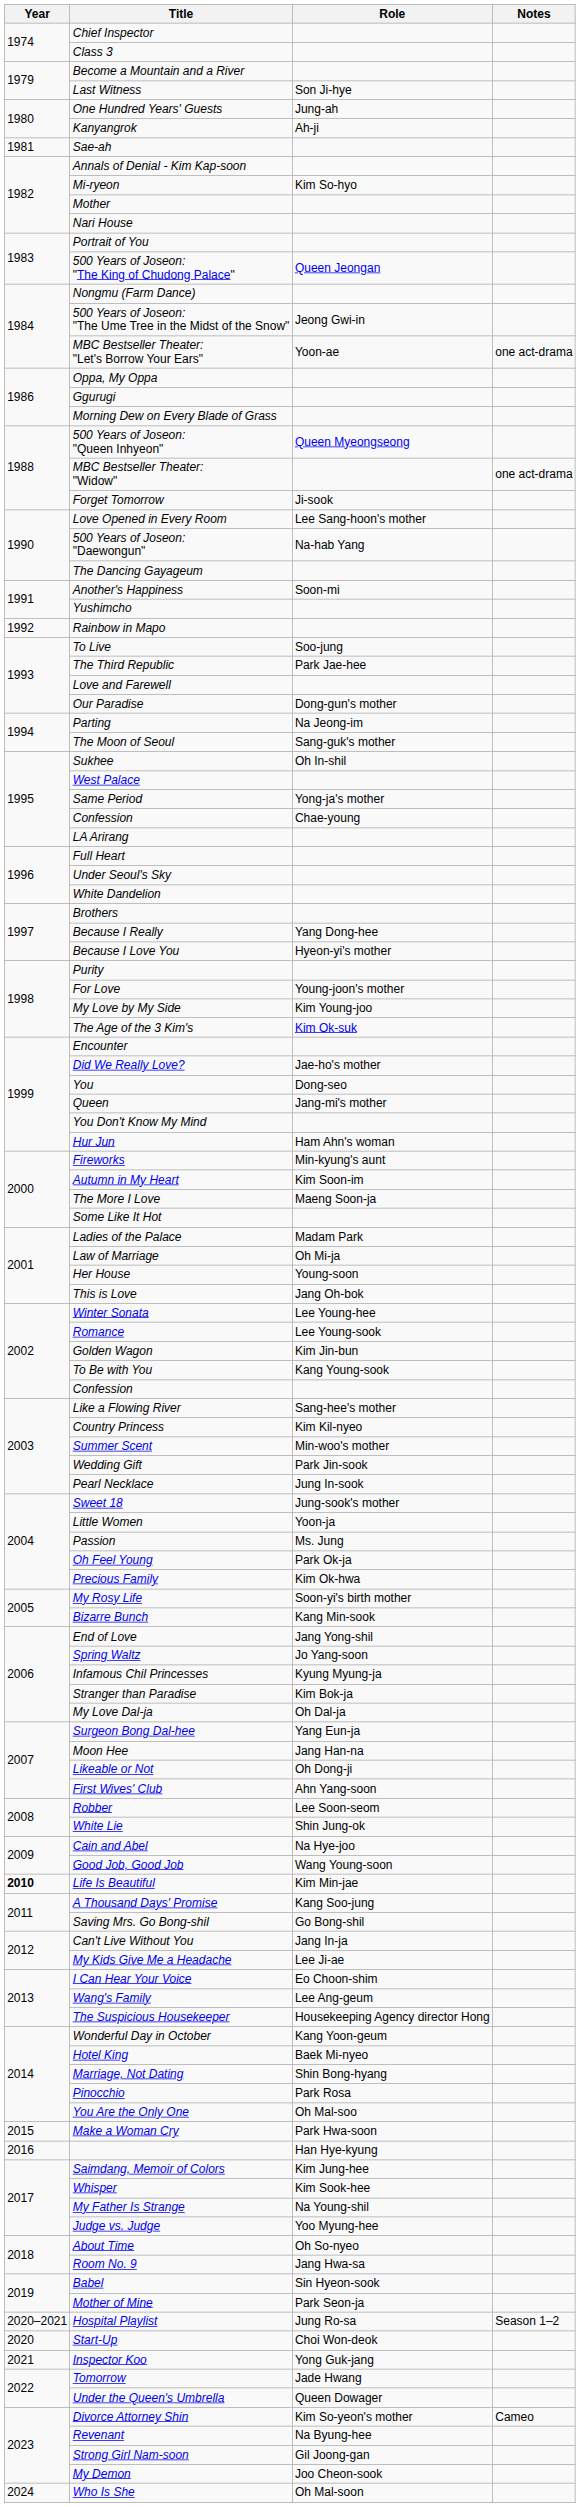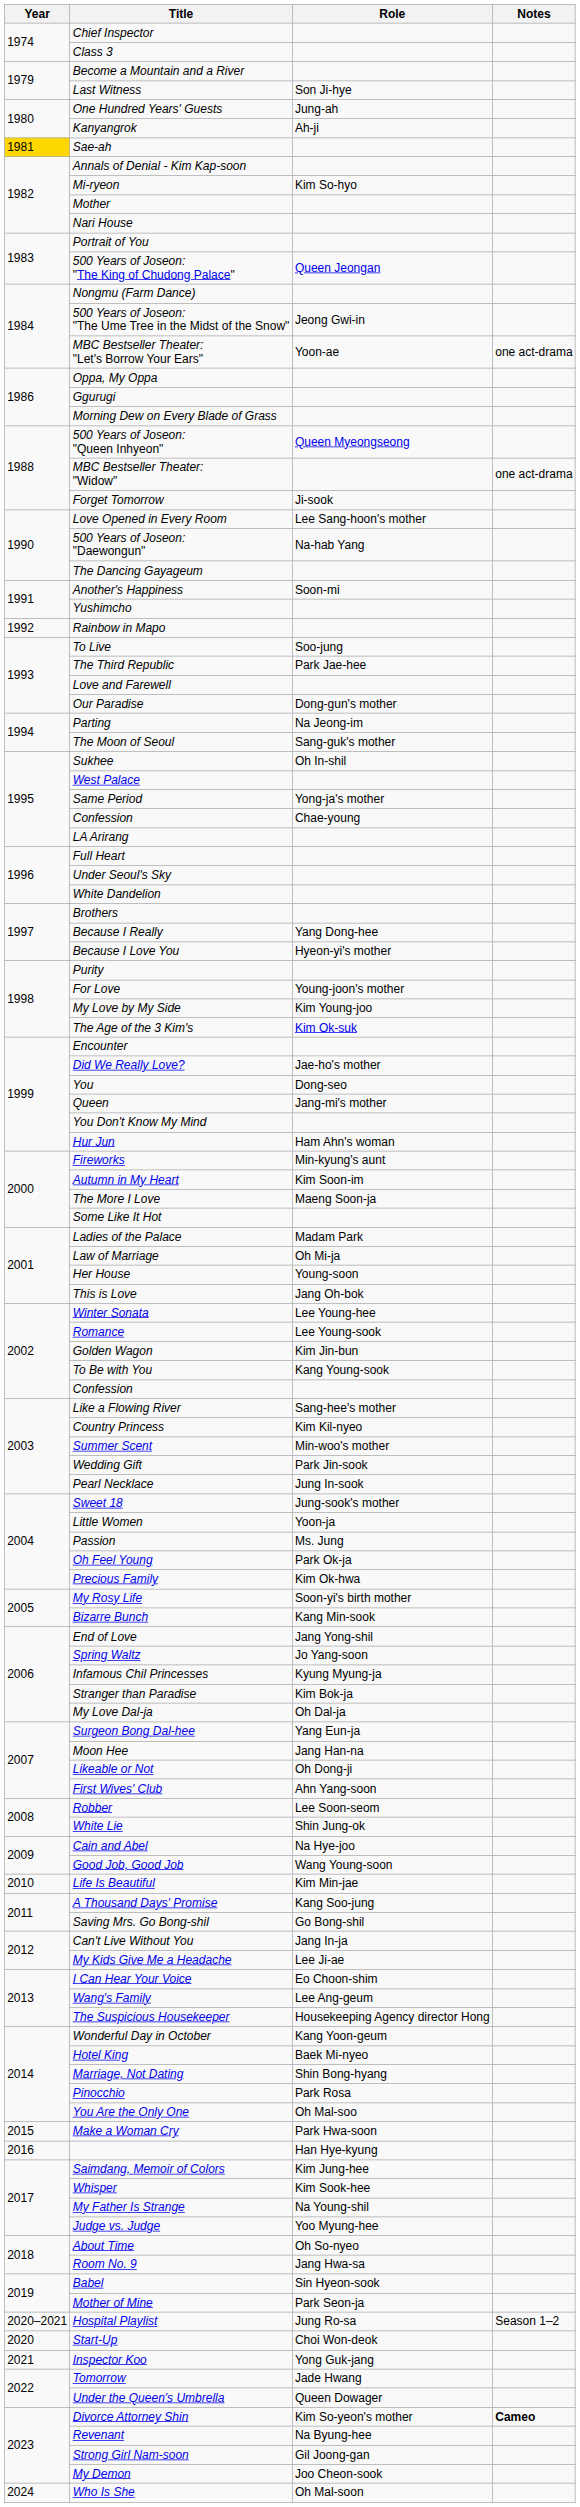 <table class="wikitable sortable">
 <tr>
 <th>Year</th>
 <th>Title</th>
 <th>Role</th>
 <th>Notes</th>
 </tr>
 <tr>
 <td rowspan=2>1974</td>
 <td><em>Chief Inspector</em></td>
 <td></td>
 <td></td>
 </tr>
 <tr>
 <td><em>Class 3</em></td>
 <td></td>
 <td></td>
 </tr>
 <tr>
 <td rowspan=2>1979</td>
 <td><em>Become a Mountain and a River</em></td>
 <td></td>
 <td></td>
 </tr>
 <tr>
 <td><em>Last Witness</em></td>
 <td>Son Ji-hye</td>
 <td></td>
 </tr>
 <tr>
 <td rowspan=2>1980</td>
 <td><em>One Hundred Years' Guests</em></td>
 <td>Jung-ah</td>
 <td></td>
 </tr>
 <tr>
 <td><em>Kanyangrok</em></td>
 <td>Ah-ji</td>
 <td></td>
 </tr>
 <tr>
-<td>1981</td>
+<td style="background: gold;">1981</td>
 <td><em>Sae-ah</em></td>
 <td></td>
 <td></td>
 </tr>
 <tr>
 <td rowspan=4>1982</td>
 <td><em>Annals of Denial - Kim Kap-soon</em></td>
 <td></td>
 <td></td>
 </tr>
 <tr>
 <td><em>Mi-ryeon</em></td>
 <td>Kim So-hyo</td>
 <td></td>
 </tr>
 <tr>
 <td><em>Mother</em></td>
 <td></td>
 <td></td>
 </tr>
 <tr>
 <td><em>Nari House</em></td>
 <td></td>
 <td></td>
 </tr>
 <tr>
 <td rowspan=2>1983</td>
 <td><em>Portrait of You</em></td>
 <td></td>
 <td></td>
 </tr>
 <tr>
 <td><em>500 Years of Joseon:</em><br>"<a href='#'>The King of Chudong Palace</a>"</td>
 <td><a href='#'>Queen Jeongan</a></td>
 <td></td>
 </tr>
 <tr>
 <td rowspan=3>1984</td>
 <td><em>Nongmu (Farm Dance)</em></td>
 <td></td>
 <td></td>
 </tr>
 <tr>
 <td><em>500 Years of Joseon:</em><br>"The Ume Tree in the Midst of the Snow"</td>
 <td>Jeong Gwi-in</td>
 <td></td>
 </tr>
 <tr>
 <td><em>MBC Bestseller Theater:</em><br>"Let's Borrow Your Ears"</td>
 <td>Yoon-ae</td>
 <td>one act-drama</td>
 </tr>
 <tr>
 <td rowspan=3>1986</td>
 <td><em>Oppa, My Oppa</em> </td>
 <td></td>
 <td></td>
 </tr>
 <tr>
 <td><em>Ggurugi</em></td>
 <td></td>
 <td></td>
 </tr>
 <tr>
 <td><em>Morning Dew on Every Blade of Grass</em></td>
 <td></td>
 <td></td>
 </tr>
 <tr>
 <td rowspan=3>1988</td>
 <td><em>500 Years of Joseon:</em><br>"Queen Inhyeon"</td>
 <td><a href='#'>Queen Myeongseong</a></td>
 <td></td>
 </tr>
 <tr>
 <td><em>MBC Bestseller Theater:</em><br>"Widow"</td>
 <td></td>
 <td>one act-drama</td>
 </tr>
 <tr>
 <td><em>Forget Tomorrow</em></td>
 <td>Ji-sook</td>
 <td></td>
 </tr>
 <tr>
 <td rowspan=3>1990</td>
 <td><em>Love Opened in Every Room</em></td>
 <td>Lee Sang-hoon's mother</td>
 <td></td>
 </tr>
 <tr>
 <td><em>500 Years of Joseon:</em><br>"Daewongun"</td>
 <td>Na-hab Yang</td>
 <td></td>
 </tr>
 <tr>
 <td><em>The Dancing Gayageum</em></td>
 <td></td>
 <td></td>
 </tr>
 <tr>
 <td rowspan=2>1991</td>
 <td><em>Another's Happiness</em></td>
 <td>Soon-mi</td>
 <td></td>
 </tr>
 <tr>
 <td><em>Yushimcho</em></td>
 <td></td>
 <td></td>
 </tr>
 <tr>
 <td>1992</td>
 <td><em>Rainbow in Mapo</em></td>
 <td></td>
 <td></td>
 </tr>
 <tr>
 <td rowspan=4>1993</td>
 <td><em>To Live</em></td>
 <td>Soo-jung</td>
 <td></td>
 </tr>
 <tr>
 <td><em>The Third Republic</em></td>
 <td>Park Jae-hee</td>
 <td></td>
 </tr>
 <tr>
 <td><em>Love and Farewell</em></td>
 <td></td>
 <td></td>
 </tr>
 <tr>
 <td><em>Our Paradise</em></td>
 <td>Dong-gun's mother</td>
 <td></td>
 </tr>
 <tr>
 <td rowspan=2>1994</td>
 <td><em>Parting</em></td>
 <td>Na Jeong-im</td>
 <td></td>
 </tr>
 <tr>
 <td><em>The Moon of Seoul</em></td>
 <td>Sang-guk's mother</td>
 <td></td>
 </tr>
 <tr>
 <td rowspan=5>1995</td>
 <td><em>Sukhee</em></td>
 <td>Oh In-shil</td>
 <td></td>
 </tr>
 <tr>
 <td><em><a href='#'>West Palace</a></em></td>
 <td></td>
 <td></td>
 </tr>
 <tr>
 <td><em>Same Period</em> </td>
 <td>Yong-ja's mother</td>
 <td></td>
 </tr>
 <tr>
 <td><em>Confession</em></td>
 <td>Chae-young</td>
 <td></td>
 </tr>
 <tr>
 <td><em>LA Arirang</em></td>
 <td></td>
 <td></td>
 </tr>
 <tr>
 <td rowspan=3>1996</td>
 <td><em>Full Heart</em></td>
 <td></td>
 <td></td>
 </tr>
 <tr>
 <td><em>Under Seoul's Sky</em></td>
 <td></td>
 <td></td>
 </tr>
 <tr>
 <td><em>White Dandelion</em></td>
 <td></td>
 <td></td>
 </tr>
 <tr>
 <td rowspan=3>1997</td>
 <td><em>Brothers</em></td>
 <td></td>
 <td></td>
 </tr>
 <tr>
 <td><em>Because I Really</em></td>
 <td>Yang Dong-hee</td>
 <td></td>
 </tr>
 <tr>
 <td><em>Because I Love You</em></td>
 <td>Hyeon-yi's mother</td>
 <td></td>
 </tr>
 <tr>
 <td rowspan=4>1998</td>
 <td><em>Purity</em></td>
 <td></td>
 <td></td>
 </tr>
 <tr>
 <td><em>For Love</em></td>
 <td>Young-joon's mother</td>
 <td></td>
 </tr>
 <tr>
 <td><em>My Love by My Side</em></td>
 <td>Kim Young-joo</td>
 <td></td>
 </tr>
 <tr>
 <td><em>The Age of the 3 Kim's</em></td>
 <td><a href='#'>Kim Ok-suk</a></td>
 <td></td>
 </tr>
 <tr>
 <td rowspan=6>1999</td>
 <td><em>Encounter</em></td>
 <td></td>
 <td></td>
 </tr>
 <tr>
 <td><em><a href='#'>Did We Really Love?</a></em></td>
 <td>Jae-ho's mother</td>
 <td></td>
 </tr>
 <tr>
 <td><em>You</em></td>
 <td>Dong-seo</td>
 <td></td>
 </tr>
 <tr>
 <td><em>Queen</em></td>
 <td>Jang-mi's mother</td>
 <td></td>
 </tr>
 <tr>
 <td><em>You Don't Know My Mind</em></td>
 <td></td>
 <td></td>
 </tr>
 <tr>
 <td><em><a href='#'>Hur Jun</a></em></td>
 <td>Ham Ahn's woman</td>
 <td></td>
 </tr>
 <tr>
 <td rowspan=4>2000</td>
 <td><em><a href='#'>Fireworks</a></em></td>
 <td>Min-kyung's aunt</td>
 <td></td>
 </tr>
 <tr>
 <td><em><a href='#'>Autumn in My Heart</a></em></td>
 <td>Kim Soon-im</td>
 <td></td>
 </tr>
 <tr>
 <td><em>The More I Love</em></td>
 <td>Maeng Soon-ja</td>
 <td></td>
 </tr>
 <tr>
 <td><em>Some Like It Hot</em></td>
 <td></td>
 <td></td>
 </tr>
 <tr>
 <td rowspan=4>2001</td>
 <td><em>Ladies of the Palace</em></td>
 <td>Madam Park</td>
 <td></td>
 </tr>
 <tr>
 <td><em>Law of Marriage</em></td>
 <td>Oh Mi-ja</td>
 <td></td>
 </tr>
 <tr>
 <td><em>Her House</em></td>
 <td>Young-soon</td>
 <td></td>
 </tr>
 <tr>
 <td><em>This is Love</em></td>
 <td>Jang Oh-bok</td>
 <td></td>
 </tr>
 <tr>
 <td rowspan=5>2002</td>
 <td><em><a href='#'>Winter Sonata</a></em></td>
 <td>Lee Young-hee</td>
 <td></td>
 </tr>
 <tr>
 <td><em><a href='#'>Romance</a></em></td>
 <td>Lee Young-sook</td>
 <td></td>
 </tr>
 <tr>
 <td><em>Golden Wagon</em></td>
 <td>Kim Jin-bun</td>
 <td></td>
 </tr>
 <tr>
 <td><em>To Be with You</em></td>
 <td>Kang Young-sook</td>
 <td></td>
 </tr>
 <tr>
 <td><em>Confession</em></td>
 <td></td>
 <td></td>
 </tr>
 <tr>
 <td rowspan=5>2003</td>
 <td><em>Like a Flowing River</em></td>
 <td>Sang-hee's mother</td>
 <td></td>
 </tr>
 <tr>
 <td><em>Country Princess</em></td>
 <td>Kim Kil-nyeo</td>
 <td></td>
 </tr>
 <tr>
 <td><em><a href='#'>Summer Scent</a></em></td>
 <td>Min-woo's mother</td>
 <td></td>
 </tr>
 <tr>
 <td><em>Wedding Gift</em></td>
 <td>Park Jin-sook</td>
 <td></td>
 </tr>
 <tr>
 <td><em>Pearl Necklace</em></td>
 <td>Jung In-sook</td>
 <td></td>
 </tr>
 <tr>
 <td rowspan=5>2004</td>
 <td><em><a href='#'>Sweet 18</a></em></td>
 <td>Jung-sook's mother</td>
 <td></td>
 </tr>
 <tr>
 <td><em>Little Women</em></td>
 <td>Yoon-ja</td>
 <td></td>
 </tr>
 <tr>
 <td><em>Passion</em></td>
 <td>Ms. Jung</td>
 <td></td>
 </tr>
 <tr>
 <td><em><a href='#'>Oh Feel Young</a></em></td>
 <td>Park Ok-ja</td>
 <td></td>
 </tr>
 <tr>
 <td><em><a href='#'>Precious Family</a></em></td>
 <td>Kim Ok-hwa</td>
 <td></td>
 </tr>
 <tr>
 <td rowspan=2>2005</td>
 <td><em><a href='#'>My Rosy Life</a></em></td>
 <td>Soon-yi's birth mother</td>
 <td></td>
 </tr>
 <tr>
 <td><em><a href='#'>Bizarre Bunch</a></em></td>
 <td>Kang Min-sook</td>
 <td></td>
 </tr>
 <tr>
 <td rowspan=5>2006</td>
 <td><em>End of Love</em></td>
 <td>Jang Yong-shil</td>
 <td></td>
 </tr>
 <tr>
 <td><em><a href='#'>Spring Waltz</a></em></td>
 <td>Jo Yang-soon</td>
 <td></td>
 </tr>
 <tr>
 <td><em>Infamous Chil Princesses</em></td>
 <td>Kyung Myung-ja</td>
 <td></td>
 </tr>
 <tr>
 <td><em>Stranger than Paradise</em></td>
 <td>Kim Bok-ja</td>
 <td></td>
 </tr>
 <tr>
 <td><em>My Love Dal-ja</em></td>
 <td>Oh Dal-ja</td>
 <td></td>
 </tr>
 <tr>
 <td rowspan=4>2007</td>
 <td><em><a href='#'>Surgeon Bong Dal-hee</a></em></td>
 <td>Yang Eun-ja</td>
 <td></td>
 </tr>
 <tr>
 <td><em>Moon Hee</em></td>
 <td>Jang Han-na</td>
 <td></td>
 </tr>
 <tr>
 <td><em><a href='#'>Likeable or Not</a></em></td>
 <td>Oh Dong-ji</td>
 <td></td>
 </tr>
 <tr>
 <td><em><a href='#'>First Wives' Club</a></em></td>
 <td>Ahn Yang-soon</td>
 <td></td>
 </tr>
 <tr>
 <td rowspan=2>2008</td>
 <td><em><a href='#'>Robber</a></em></td>
 <td>Lee Soon-seom</td>
 <td></td>
 </tr>
 <tr>
 <td><em><a href='#'>White Lie</a></em></td>
 <td>Shin Jung-ok</td>
 <td></td>
 </tr>
 <tr>
 <td rowspan=2>2009</td>
 <td><em><a href='#'>Cain and Abel</a></em></td>
 <td>Na Hye-joo</td>
 <td></td>
 </tr>
 <tr>
 <td><em><a href='#'>Good Job, Good Job</a></em></td>
 <td>Wang Young-soon</td>
 <td></td>
 </tr>
 <tr>
-<td><strong>2010</strong></td>
+<td>2010</td>
 <td><em><a href='#'>Life Is Beautiful</a></em></td>
 <td>Kim Min-jae</td>
 <td></td>
 </tr>
 <tr>
 <td rowspan=2>2011</td>
 <td><em><a href='#'>A Thousand Days' Promise</a></em></td>
 <td>Kang Soo-jung</td>
 <td></td>
 </tr>
 <tr>
 <td><em>Saving Mrs. Go Bong-shil</em></td>
 <td>Go Bong-shil</td>
 <td></td>
 </tr>
 <tr>
 <td rowspan=2>2012</td>
 <td><em>Can't Live Without You</em></td>
 <td>Jang In-ja</td>
 <td></td>
 </tr>
 <tr>
 <td><em><a href='#'>My Kids Give Me a Headache</a></em></td>
 <td>Lee Ji-ae</td>
 <td></td>
 </tr>
 <tr>
 <td rowspan=3>2013</td>
 <td><em><a href='#'>I Can Hear Your Voice</a></em></td>
 <td>Eo Choon-shim</td>
 <td></td>
 </tr>
 <tr>
 <td><em><a href='#'>Wang's Family</a></em></td>
 <td>Lee Ang-geum</td>
 <td></td>
 </tr>
 <tr>
 <td><em><a href='#'>The Suspicious Housekeeper</a></em></td>
 <td>Housekeeping Agency director Hong</td>
 <td></td>
 </tr>
 <tr>
 <td rowspan=5>2014</td>
 <td><em>Wonderful Day in October</em></td>
 <td>Kang Yoon-geum</td>
 <td></td>
 </tr>
 <tr>
 <td><em><a href='#'>Hotel King</a></em></td>
 <td>Baek Mi-nyeo</td>
 <td></td>
 </tr>
 <tr>
 <td><em><a href='#'>Marriage, Not Dating</a></em></td>
 <td>Shin Bong-hyang</td>
 <td></td>
 </tr>
 <tr>
 <td><em><a href='#'>Pinocchio</a></em></td>
 <td>Park Rosa</td>
 <td></td>
 </tr>
 <tr>
 <td><em><a href='#'>You Are the Only One</a></em></td>
 <td>Oh Mal-soo</td>
 <td></td>
 </tr>
 <tr>
 <td rowspan=1>2015</td>
 <td><em><a href='#'>Make a Woman Cry</a></em></td>
 <td>Park Hwa-soon</td>
 <td></td>
 </tr>
 <tr>
 <td>2016</td>
 <td><em></em></td>
 <td>Han Hye-kyung</td>
 <td></td>
 </tr>
 <tr>
 <td rowspan="4">2017</td>
 <td><em><a href='#'>Saimdang, Memoir of Colors</a></em></td>
 <td>Kim Jung-hee</td>
 <td></td>
 </tr>
 <tr>
 <td><em><a href='#'>Whisper</a></em></td>
 <td>Kim Sook-hee</td>
 <td></td>
 </tr>
 <tr>
 <td><em><a href='#'>My Father Is Strange</a></em></td>
 <td>Na Young-shil</td>
 <td></td>
 </tr>
 <tr>
 <td><em><a href='#'>Judge vs. Judge</a></em></td>
 <td>Yoo Myung-hee</td>
 <td></td>
 </tr>
 <tr>
 <td rowspan=2>2018</td>
 <td><em><a href='#'>About Time</a></em></td>
 <td>Oh So-nyeo</td>
 <td></td>
 </tr>
 <tr>
 <td><em><a href='#'>Room No. 9</a></em></td>
 <td>Jang Hwa-sa</td>
 <td></td>
 </tr>
 <tr>
 <td rowspan=2>2019</td>
 <td><em><a href='#'>Babel</a></em></td>
 <td>Sin Hyeon-sook</td>
 <td></td>
 </tr>
 <tr>
 <td><em><a href='#'>Mother of Mine</a></em></td>
 <td>Park Seon-ja</td>
 <td></td>
 </tr>
 <tr>
 <td rowspan=1>2020–2021</td>
 <td><em><a href='#'>Hospital Playlist</a></em></td>
 <td>Jung Ro-sa</td>
 <td>Season 1–2</td>
 </tr>
 <tr>
 <td>2020</td>
 <td><em><a href='#'>Start-Up</a></em></td>
 <td>Choi Won-deok</td>
 <td></td>
 </tr>
 <tr>
 <td>2021</td>
 <td><em><a href='#'>Inspector Koo</a></em></td>
 <td>Yong Guk-jang</td>
 <td></td>
 </tr>
 <tr>
 <td rowspan=2>2022</td>
 <td><em><a href='#'>Tomorrow</a></em></td>
 <td>Jade Hwang</td>
 <td></td>
 </tr>
 <tr>
 <td><em><a href='#'>Under the Queen's Umbrella</a></em></td>
 <td>Queen Dowager</td>
 <td></td>
 </tr>
 <tr>
 <td rowspan="4">2023</td>
 <td><em><a href='#'>Divorce Attorney Shin</a></em></td>
 <td>Kim So-yeon's mother</td>
-<td>Cameo</td>
+<td><strong>Cameo</strong></td>
 </tr>
 <tr>
 <td><em><a href='#'>Revenant</a></em></td>
 <td>Na Byung-hee</td>
 <td></td>
 </tr>
 <tr>
 <td><em><a href='#'>Strong Girl Nam-soon</a></em></td>
 <td>Gil Joong-gan</td>
 <td></td>
 </tr>
 <tr>
 <td><em><a href='#'>My Demon</a></em></td>
 <td>Joo Cheon-sook</td>
 <td></td>
 </tr>
 <tr>
 <td>2024</td>
 <td><em><a href='#'>Who Is She</a></em></td>
 <td>Oh Mal-soon</td>
 <td></td>
 </tr>
 </table>
